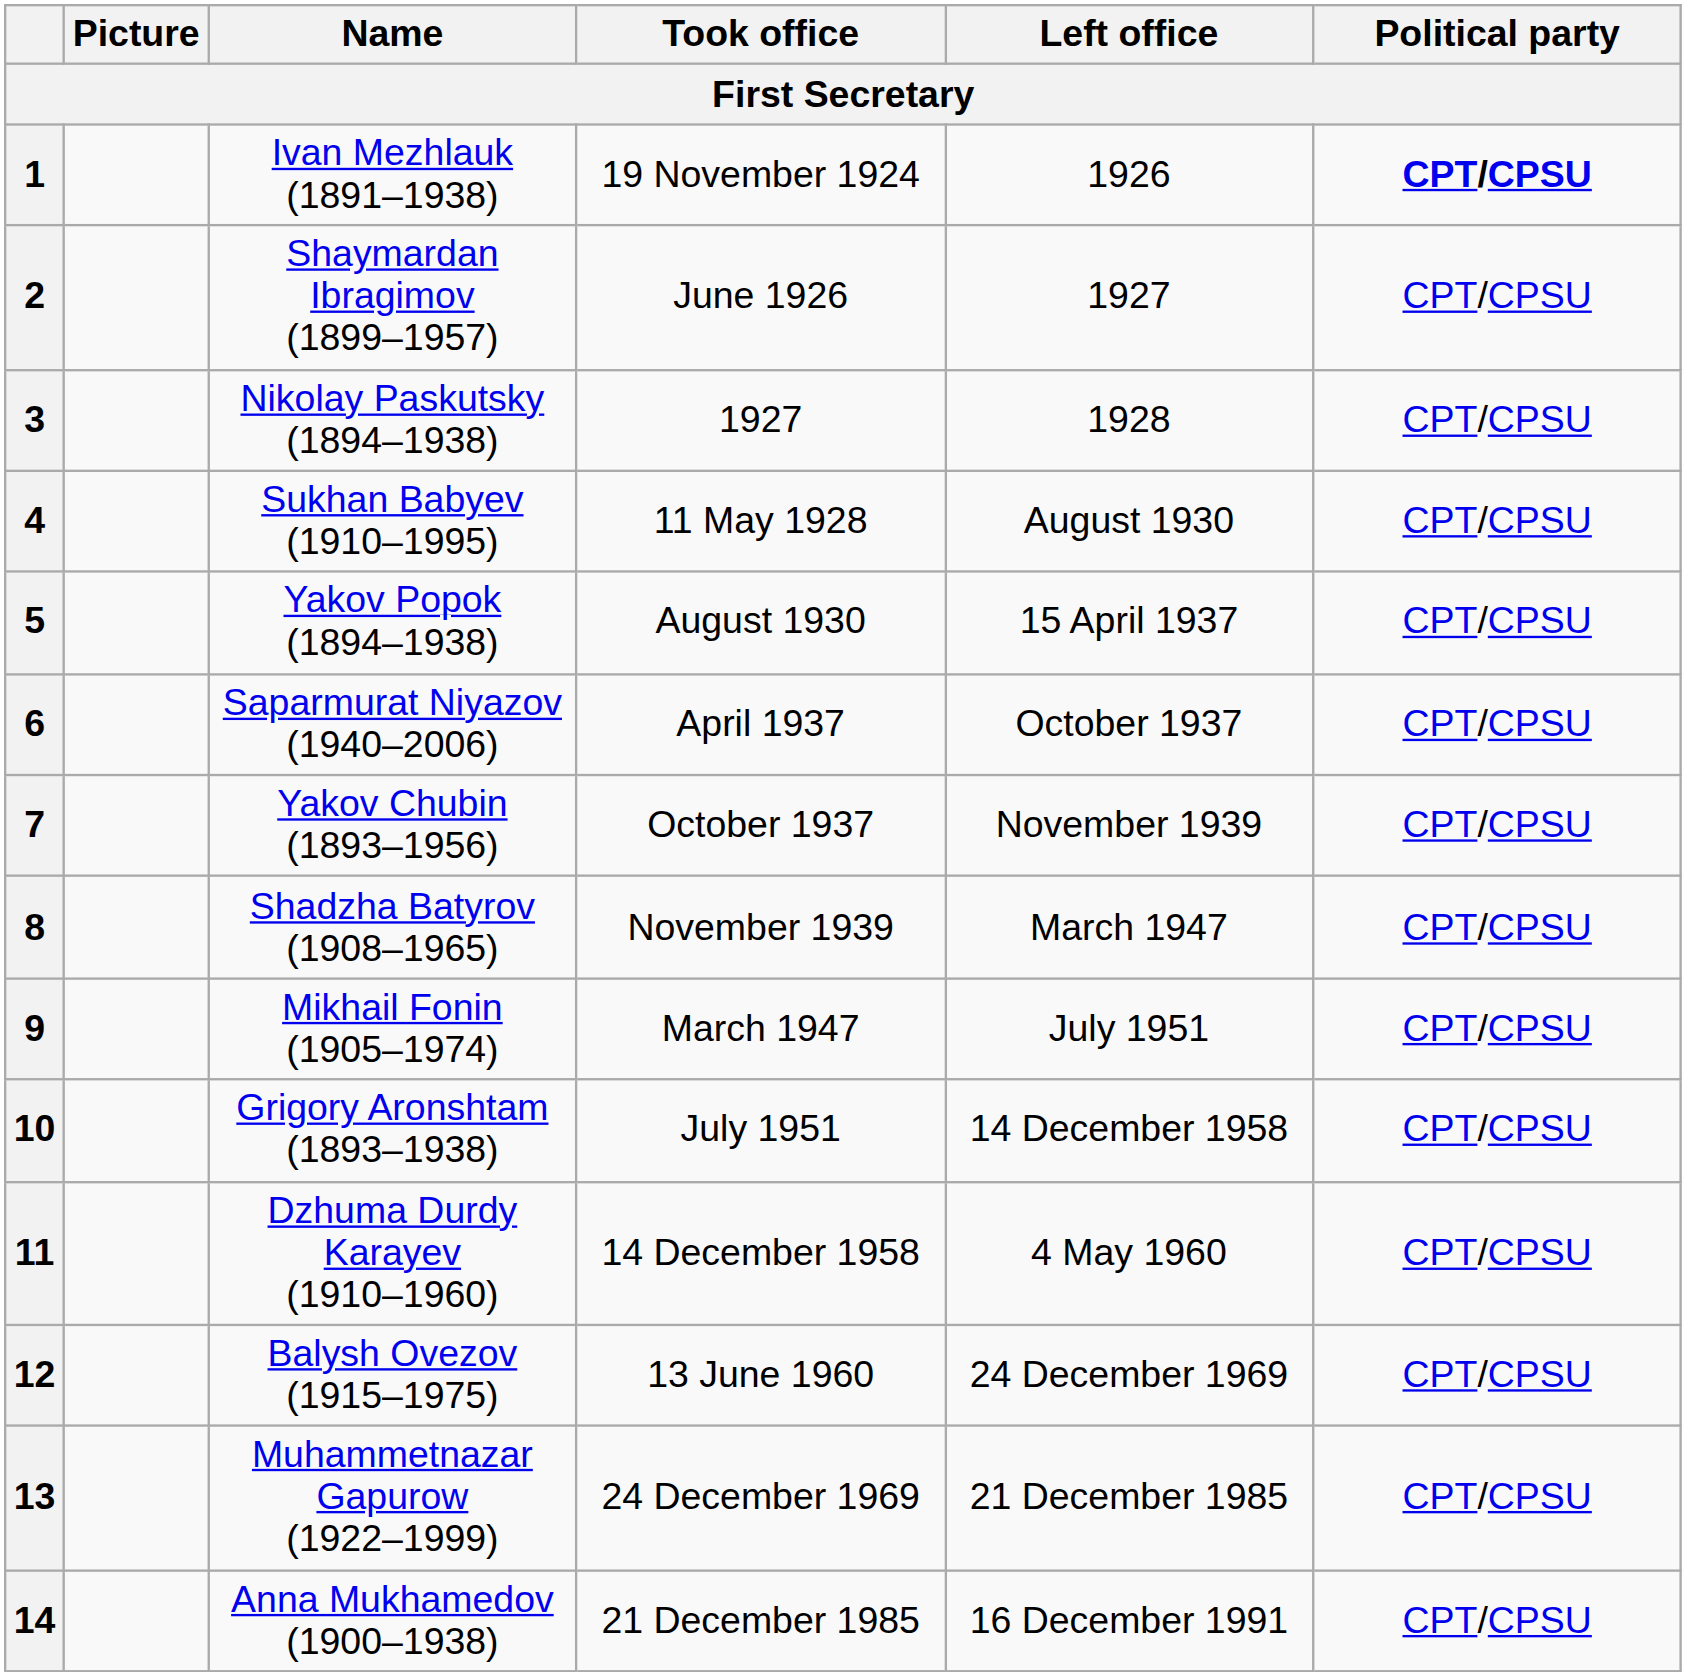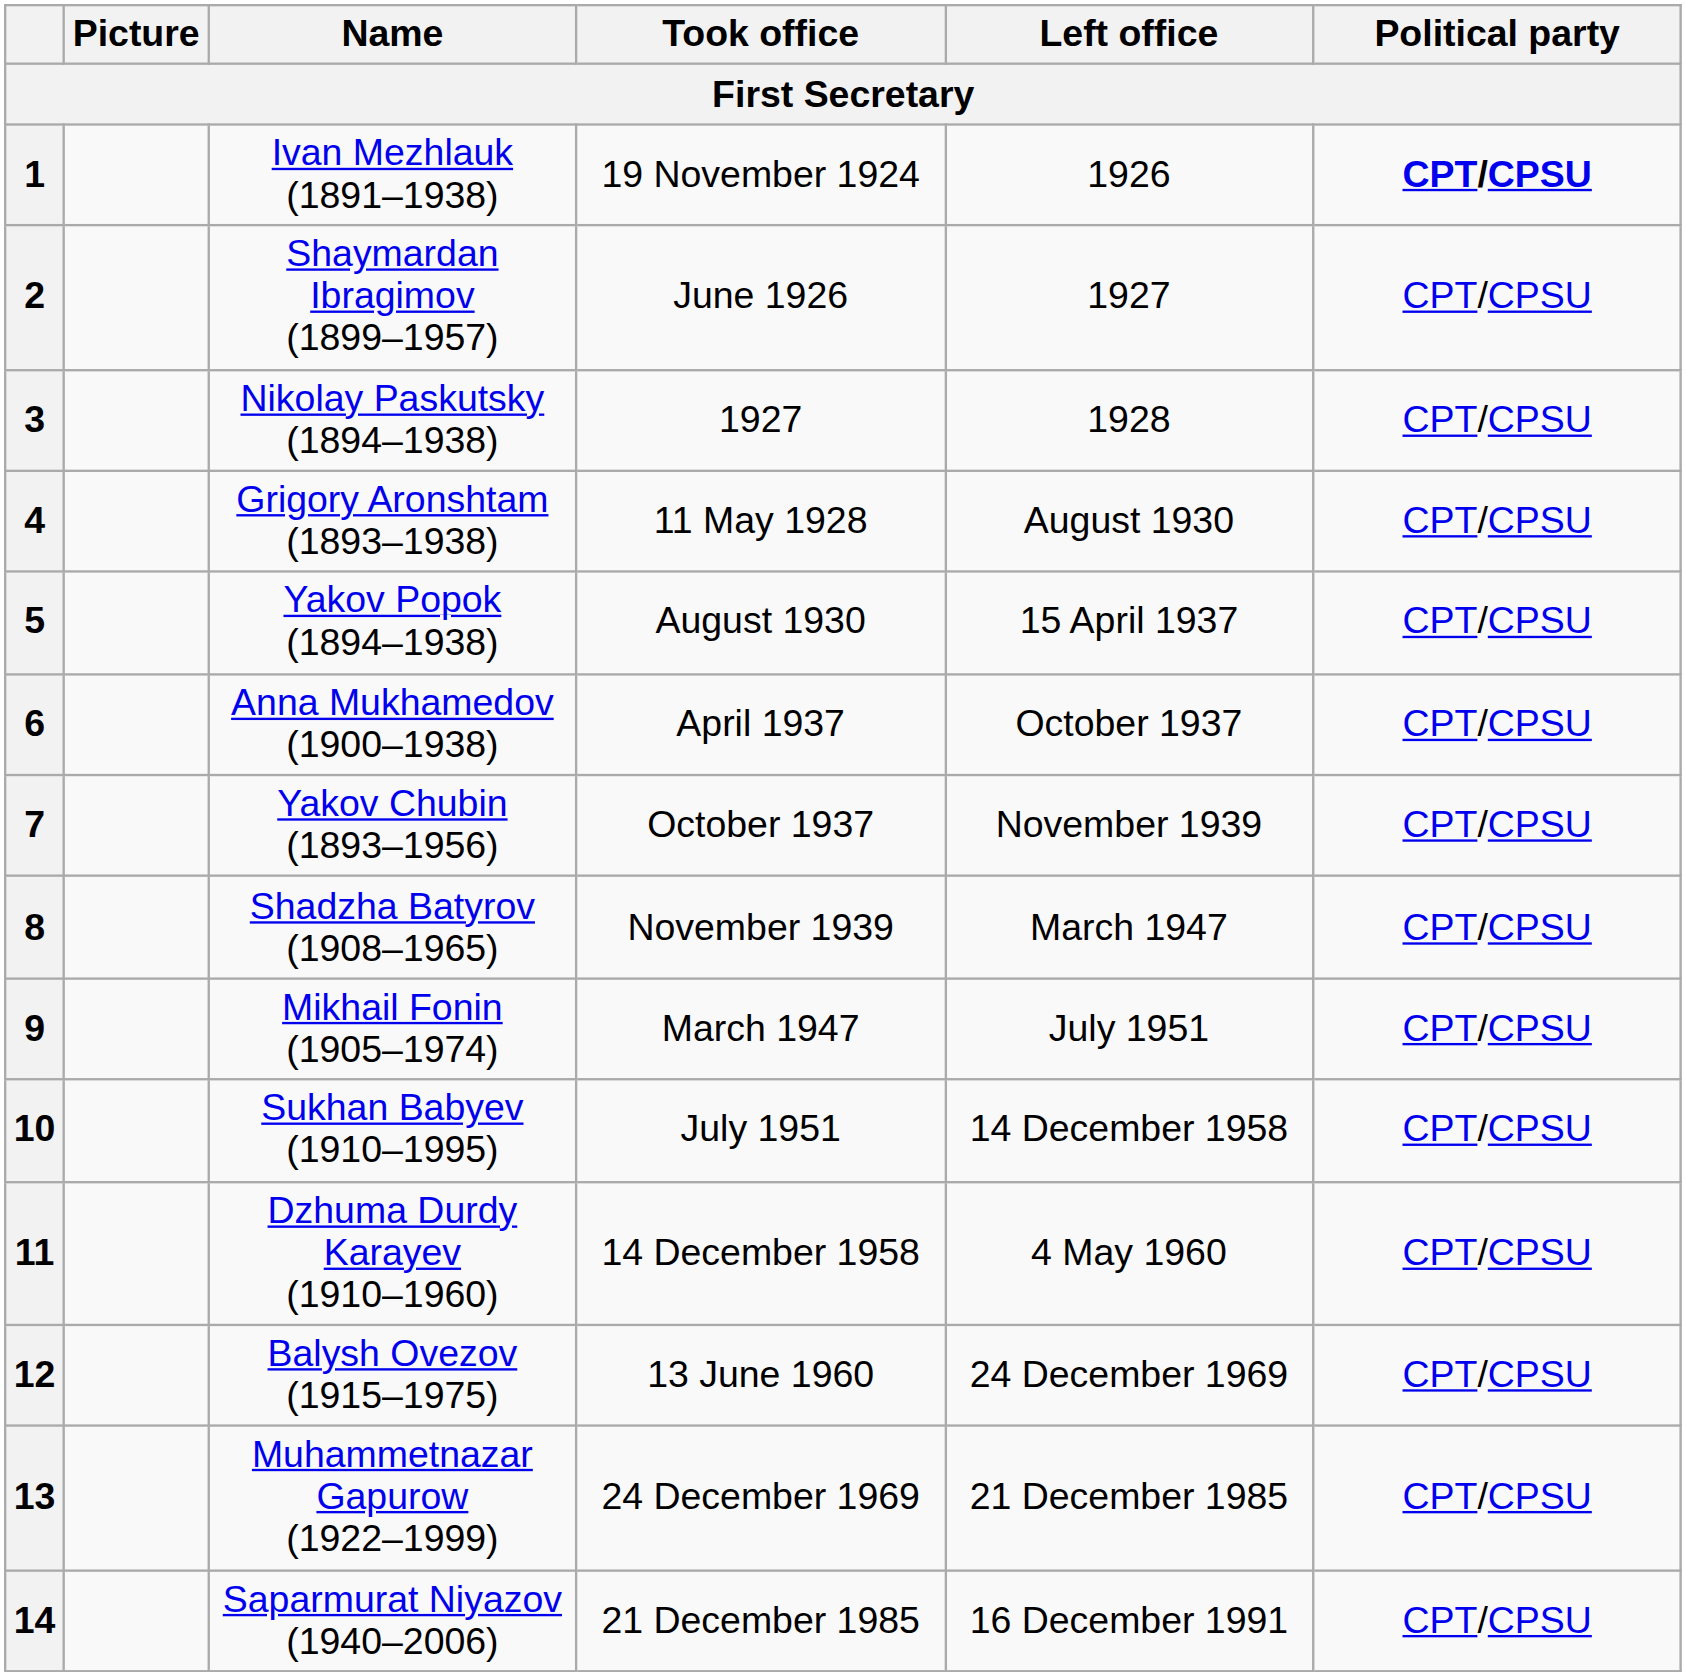 <table class="wikitable" style="text-align:center">
 <tr>
 <th></th>
 <th>Picture</th>
 <th width="150">Name<br></th>
 <th width="150">Took office</th>
 <th width="150">Left office</th>
 <th width="150">Political party</th>
 </tr>
 <tr>
 <th colspan="6" align="center">First Secretary</th>
 </tr>
 <tr>
 <th style="background:">1</th>
 <td></td>
 <td><a href='#'>Ivan Mezhlauk</a><br>(1891–1938)</td>
 <td>19 November 1924</td>
 <td>1926</td>
 <td><strong><a href='#'>CPT</a>/<a href='#'>CPSU</a></strong></td>
 </tr>
 <tr>
 <th style="background:">2</th>
 <td></td>
 <td><a href='#'>Shaymardan Ibragimov</a><br>(1899–1957)</td>
 <td>June 1926</td>
 <td>1927</td>
 <td><a href='#'>CPT</a>/<a href='#'>CPSU</a></td>
 </tr>
 <tr>
 <th style="background:">3</th>
 <td></td>
 <td><a href='#'>Nikolay Paskutsky</a><br>(1894–1938)</td>
 <td>1927</td>
 <td>1928</td>
 <td><a href='#'>CPT</a>/<a href='#'>CPSU</a></td>
 </tr>
 <tr>
 <th style="background:">4</th>
 <td></td>
-<td><a href='#'>Sukhan Babyev</a><br>(1910–1995)</td>
+<td><a href='#'>Grigory Aronshtam</a><br>(1893–1938)</td>
 <td>11 May 1928</td>
 <td>August 1930</td>
 <td><a href='#'>CPT</a>/<a href='#'>CPSU</a></td>
 </tr>
 <tr>
 <th style="background:">5</th>
 <td></td>
 <td><a href='#'>Yakov Popok</a><br>(1894–1938)</td>
 <td>August 1930</td>
 <td>15 April 1937</td>
 <td><a href='#'>CPT</a>/<a href='#'>CPSU</a></td>
 </tr>
 <tr>
 <th style="background:">6</th>
 <td></td>
-<td><a href='#'>Saparmurat Niyazov</a><br>(1940–2006)</td>
+<td><a href='#'>Anna Mukhamedov</a><br>(1900–1938)</td>
 <td>April 1937</td>
 <td>October 1937</td>
 <td><a href='#'>CPT</a>/<a href='#'>CPSU</a></td>
 </tr>
 <tr>
 <th style="background:">7</th>
 <td></td>
 <td><a href='#'>Yakov Chubin</a><br>(1893–1956)</td>
 <td>October 1937</td>
 <td>November 1939</td>
 <td><a href='#'>CPT</a>/<a href='#'>CPSU</a></td>
 </tr>
 <tr>
 <th style="background:">8</th>
 <td></td>
 <td><a href='#'>Shadzha Batyrov</a><br>(1908–1965)</td>
 <td>November 1939</td>
 <td>March 1947</td>
 <td><a href='#'>CPT</a>/<a href='#'>CPSU</a></td>
 </tr>
 <tr>
 <th style="background:">9</th>
 <td></td>
 <td><a href='#'>Mikhail Fonin</a><br>(1905–1974)</td>
 <td>March 1947</td>
 <td>July 1951</td>
 <td><a href='#'>CPT</a>/<a href='#'>CPSU</a></td>
 </tr>
 <tr>
 <th style="background:">10</th>
 <td></td>
-<td><a href='#'>Grigory Aronshtam</a><br>(1893–1938)</td>
+<td><a href='#'>Sukhan Babyev</a><br>(1910–1995)</td>
 <td>July 1951</td>
 <td>14 December 1958</td>
 <td><a href='#'>CPT</a>/<a href='#'>CPSU</a></td>
 </tr>
 <tr>
 <th style="background:">11</th>
 <td></td>
 <td><a href='#'>Dzhuma Durdy Karayev</a><br>(1910–1960)</td>
 <td>14 December 1958</td>
 <td>4 May 1960</td>
 <td><a href='#'>CPT</a>/<a href='#'>CPSU</a></td>
 </tr>
 <tr>
 <th style="background:">12</th>
 <td></td>
 <td><a href='#'>Balysh Ovezov</a><br>(1915–1975)</td>
 <td>13 June 1960</td>
 <td>24 December 1969</td>
 <td><a href='#'>CPT</a>/<a href='#'>CPSU</a></td>
 </tr>
 <tr>
 <th style="background:">13</th>
 <td></td>
 <td><a href='#'>Muhammetnazar Gapurow</a><br>(1922–1999)</td>
 <td>24 December 1969</td>
 <td>21 December 1985</td>
 <td><a href='#'>CPT</a>/<a href='#'>CPSU</a></td>
 </tr>
 <tr>
 <th style="background:">14</th>
 <td></td>
-<td><a href='#'>Anna Mukhamedov</a><br>(1900–1938)</td>
+<td><a href='#'>Saparmurat Niyazov</a><br>(1940–2006)</td>
 <td>21 December 1985</td>
 <td>16 December 1991</td>
 <td><a href='#'>CPT</a>/<a href='#'>CPSU</a></td>
 </tr>
 </table>
